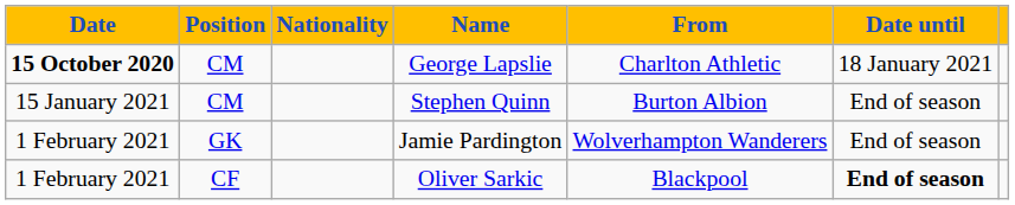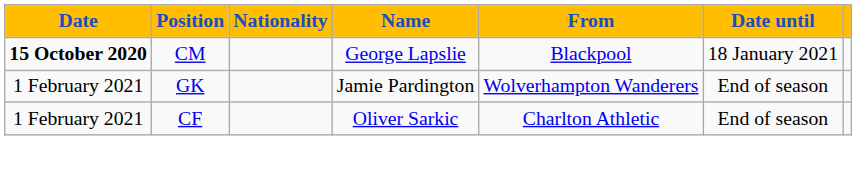 <table class="wikitable"  style="text-align:center; font-size:90%; ">
 <tr>
 <th style="background:#ffbf00; color:#1C4EBD ">Date</th>
 <th style="background:#ffbf00; color:#1C4EBD ">Position</th>
 <th style="background:#ffbf00; color:#1C4EBD ">Nationality</th>
 <th style="background:#ffbf00; color:#1C4EBD ">Name</th>
 <th style="background:#ffbf00; color:#1C4EBD ">From</th>
 <th style="background:#ffbf00; color:#1C4EBD ">Date until</th>
 <th style="background:#ffbf00; color:#1C4EBD "></th>
 </tr>
 <tr>
 <td><strong>15 October 2020</strong></td>
 <td><a href='#'>CM</a></td>
 <td></td>
 <td><a href='#'>George Lapslie</a></td>
-<td> <a href='#'>Charlton Athletic</a></td>
+<td> <a href='#'>Blackpool</a></td>
 <td>18 January 2021</td>
-<td></td>
-</tr>
-<tr>
-<td>15 January 2021</td>
-<td><a href='#'>CM</a></td>
-<td></td>
-<td><a href='#'>Stephen Quinn</a></td>
-<td> <a href='#'>Burton Albion</a></td>
-<td>End of season</td>
 <td></td>
 </tr>
 <tr>
 <td>1 February 2021</td>
 <td><a href='#'>GK</a></td>
 <td></td>
 <td>Jamie Pardington</td>
 <td> <a href='#'>Wolverhampton Wanderers</a></td>
 <td>End of season</td>
 <td></td>
 </tr>
 <tr>
 <td>1 February 2021</td>
 <td><a href='#'>CF</a></td>
 <td></td>
 <td><a href='#'>Oliver Sarkic</a></td>
-<td> <a href='#'>Blackpool</a></td>
-<td><strong>End of season</strong></td>
+<td> <a href='#'>Charlton Athletic</a></td>
+<td>End of season</td>
 <td></td>
 </tr>
 </table>
